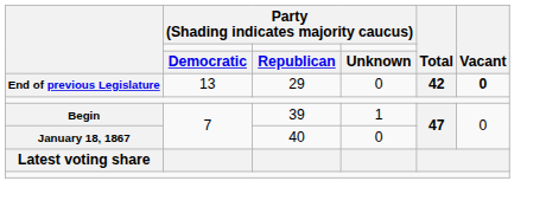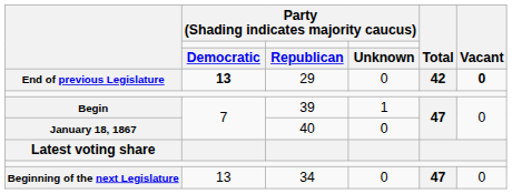 <table class=wikitable style="text-align:center">
 <tr style="vertical-align:bottom;">
 <th rowspan=3></th>
 <th colspan=3>Party <div>(Shading indicates majority caucus)</div></th>
 <th rowspan=3>Total</th>
 <th rowspan=3>Vacant</th>
 </tr>
 <tr style="height:5px">
 <td style="background-color:"></td>
 <td style="background-color:"></td>
 <td style="background-color:"></td>
 </tr>
 <tr>
 <th><a href='#'>Democratic</a></th>
 <th><a href='#'>Republican</a></th>
 <th>Unknown</th>
 </tr>
 <tr>
 <th style="white-space:nowrap; font-size:80%;">End of <a href='#'>previous Legislature</a></th>
-<td>13</td>
+<td><strong>13</strong></td>
 <td>29</td>
 <td>0</td>
 <th>42</th>
 <td><strong>0</strong></td>
 </tr>
 <tr>
 <td colspan=6></td>
 </tr>
 <tr>
 <th style="font-size:80%">Begin</th>
 <td rowspan=2>7</td>
 <td>39</td>
 <td>1</td>
 <th rowspan=2>47</th>
 <td rowspan=2>0</td>
 </tr>
 <tr>
 <th style="font-size:80%">January 18, 1867 </th>
 <td>40</td>
 <td>0</td>
 </tr>
 <tr>
 <th>Latest voting share</th>
 <th></th>
 <th></th>
 <th></th>
 <th colspan=2></th>
 </tr>
 <tr>
 <td colspan=6></td>
 </tr>
+<tr>
+<th style="white-space:nowrap; font-size:80%;">Beginning of the <a href='#'>next Legislature</a></th>
+<td>13</td>
+<td>34</td>
+<td>0</td>
+<th>47</th>
+<td>0</td>
+</tr>
 </table>
